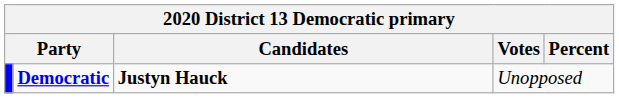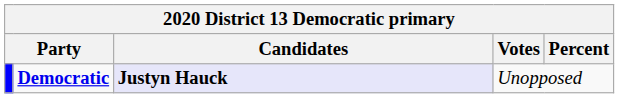 <table class=wikitable>
 <tr valign=bottom>
 <th colspan=5>2020 District 13 Democratic primary </th>
 </tr>
 <tr>
 <th colspan = 2>Party</th>
 <th style=width:20em>Candidates</th>
 <th>Votes</th>
 <th>Percent</th>
 </tr>
 <tr>
 <td bgcolor="blue"></td>
 <td><strong><a href='#'>Democratic</a></strong></td>
-<td><strong>Justyn Hauck </strong></td>
+<td style="background: lavender;"><strong>Justyn Hauck </strong></td>
 <td colspan=2><em>Unopposed</em></td>
 </tr>
 </table>
